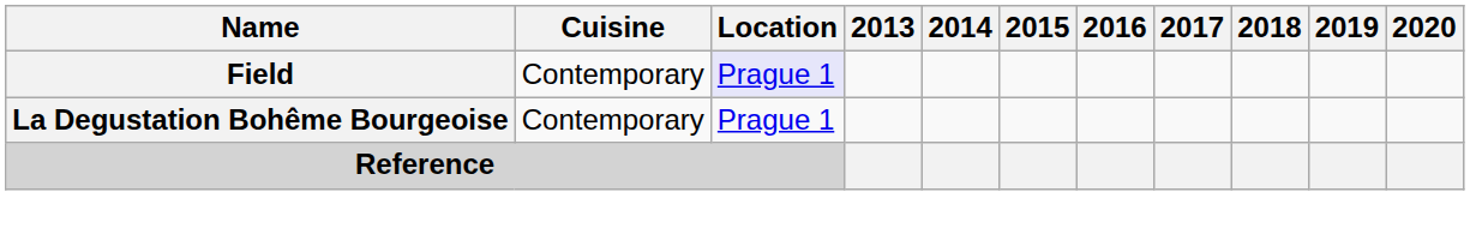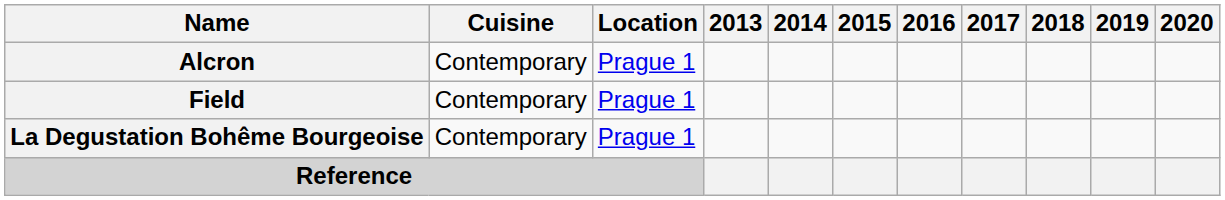 <table class="wikitable sortable plainrowheaders" style="text-align:left;"">
 <tr>
 <th scope="col">Name</th>
 <th scope="col">Cuisine</th>
 <th scope="col">Location</th>
 <th scope="col">2013</th>
 <th scope="col">2014</th>
 <th scope="col">2015</th>
 <th scope="col">2016</th>
 <th scope="col">2017</th>
 <th scope="col">2018</th>
 <th scope="col">2019</th>
 <th scope="col">2020</th>
 </tr>
 <tr>
+<th scope="row">Alcron</th>
+<td>Contemporary</td>
+<td><a href='#'>Prague 1</a></td>
+<td></td>
+<td></td>
+<td></td>
+<td></td>
+<td></td>
+<td></td>
+<td></td>
+<td></td>
+</tr>
+<tr>
 <th scope="row">Field</th>
 <td>Contemporary</td>
-<td style="background: lavender;"><a href='#'>Prague 1</a></td>
+<td><a href='#'>Prague 1</a></td>
 <td></td>
 <td></td>
 <td></td>
 <td></td>
 <td></td>
 <td></td>
 <td></td>
 <td></td>
 </tr>
 <tr>
 <th scope="row">La Degustation Bohême Bourgeoise</th>
 <td>Contemporary</td>
 <td><a href='#'>Prague 1</a></td>
 <td></td>
 <td></td>
 <td></td>
 <td></td>
 <td></td>
 <td></td>
 <td></td>
 <td></td>
 </tr>
 <tr>
 <th colspan="3" style="text-align: center;background: lightgray;">Reference</th>
 <th></th>
 <th></th>
 <th></th>
 <th></th>
 <th></th>
 <th></th>
 <th></th>
 <th></th>
 </tr>
 </table>
